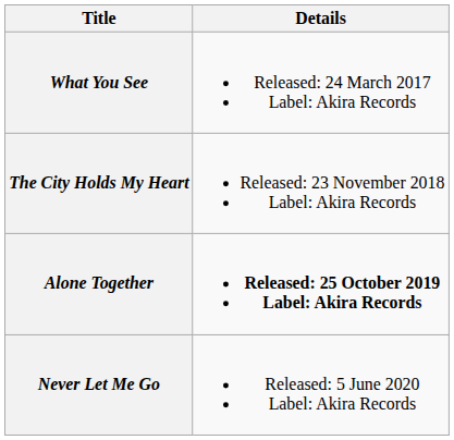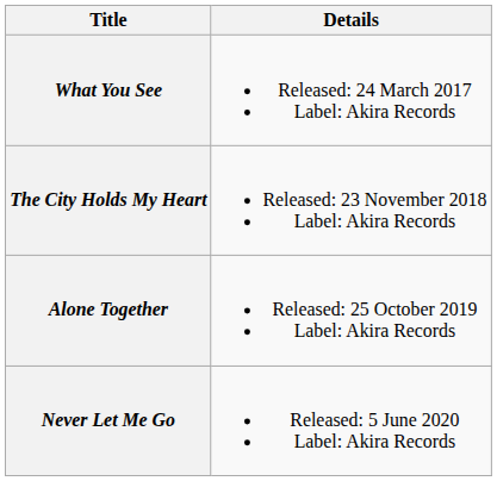 <table class="wikitable plainrowheaders" style="text-align:center;">
 <tr>
 <th>Title</th>
 <th>Details</th>
 </tr>
 <tr>
 <th scope="row"><em>What You See</em></th>
 <td><br><ul><li>Released: 24 March 2017</li><li>Label: Akira Records</li></ul></td>
 </tr>
 <tr>
 <th scope="row"><em>The City Holds My Heart</em></th>
 <td><br><ul><li>Released: 23 November 2018</li><li>Label: Akira Records</li></ul></td>
 </tr>
 <tr>
 <th scope="row"><em>Alone Together</em></th>
-<td><strong><br><ul><li>Released: 25 October 2019</li><li>Label: Akira Records</li></ul></strong></td>
+<td><br><ul><li>Released: 25 October 2019</li><li>Label: Akira Records</li></ul></td>
 </tr>
 <tr>
 <th scope="row"><em>Never Let Me Go</em></th>
 <td><br><ul><li>Released: 5 June 2020</li><li>Label: Akira Records</li></ul></td>
 </tr>
 </table>
